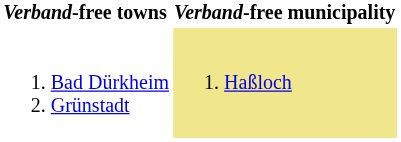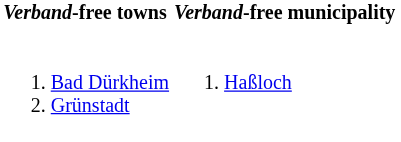 <table>
 <tr ---->
 <th><em>Verband</em>-free towns</th>
 <th><em>Verband</em>-free municipality</th>
 </tr>
 <tr>
 <td><br><ol><li><a href='#'>Bad Dürkheim</a></li><li><a href='#'>Grünstadt</a></li></ol></td>
-<td valign=top style="background: khaki;"><br><ol><li><a href='#'>Haßloch</a></li></ol></td>
+<td valign=top><br><ol><li><a href='#'>Haßloch</a></li></ol></td>
 </tr>
 </table>
